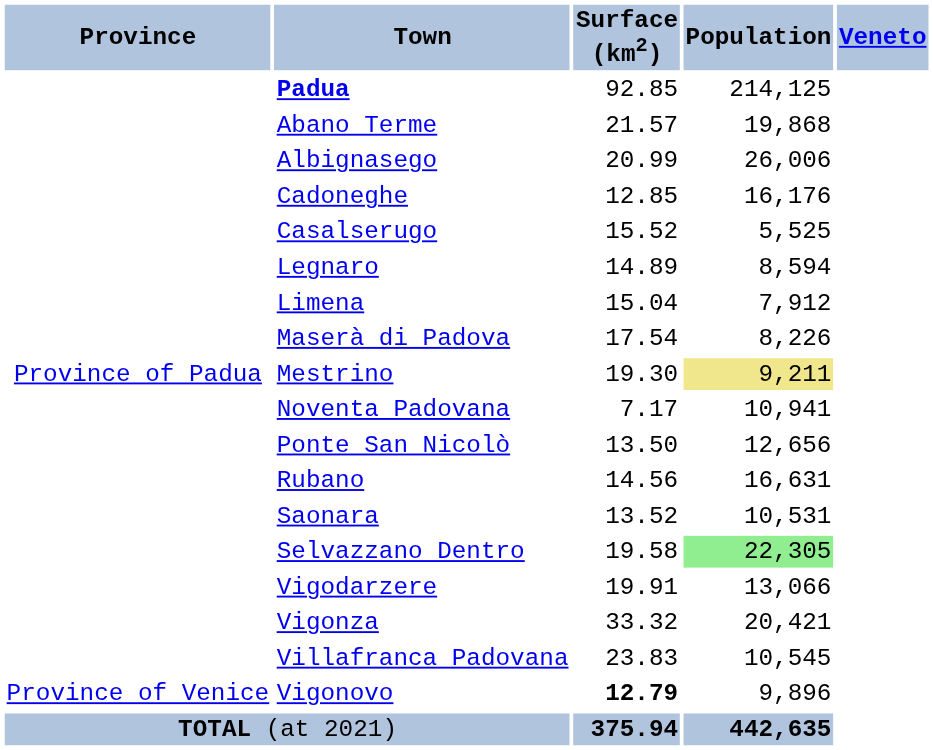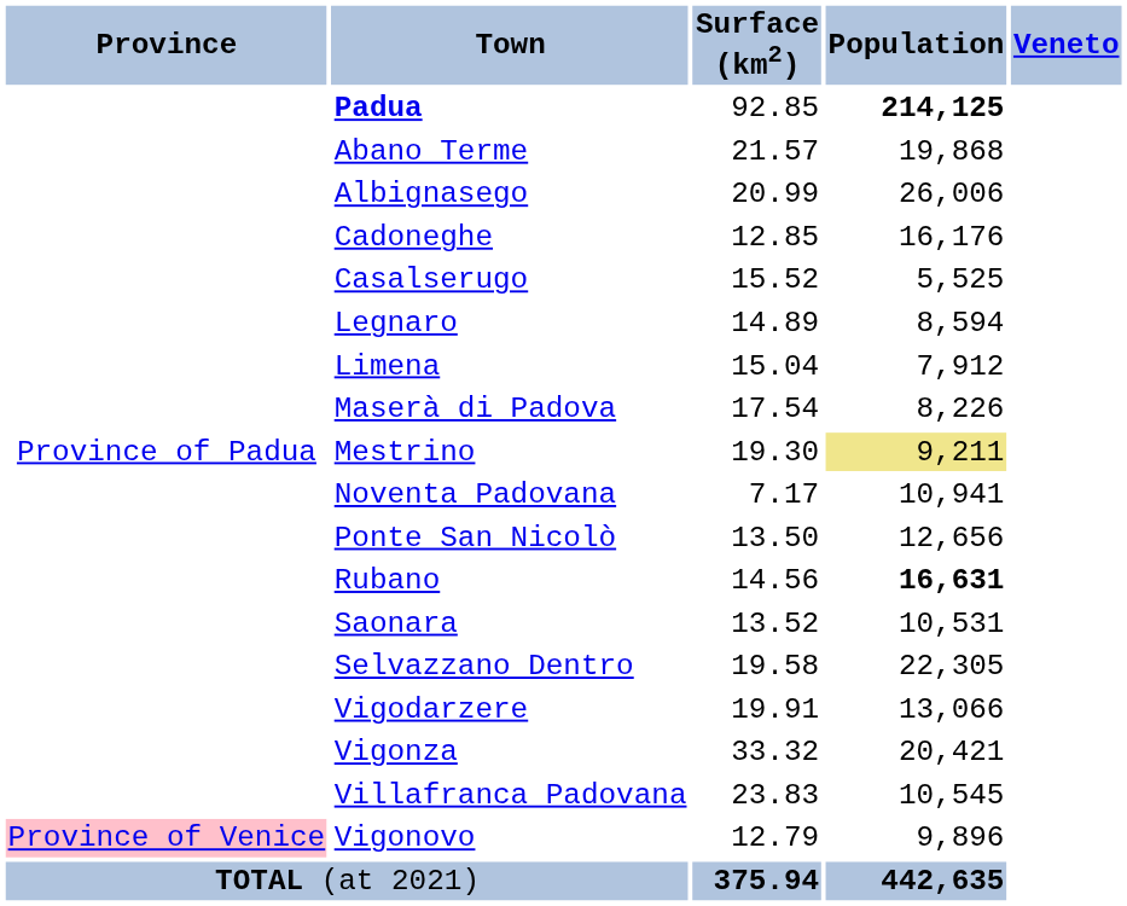 <table>
 <tr bgcolor="lightsteelblue">
 <th align=center>Province</th>
 <th align=center>Town</th>
 <th align=center>Surface<br>(km<sup>2</sup>)</th>
 <th align=center>Population</th>
 <td colspan=4 align=center><strong><a href='#'>Veneto</a></strong></td>
 </tr>
 <tr>
 <td rowspan=17 align=center><a href='#'>Province of Padua</a></td>
 <td><strong><a href='#'>Padua</a></strong></td>
 <td align=right>92.85</td>
-<td align=right>214,125</td>
+<td align=right><strong>214,125</strong></td>
 </tr>
 <tr>
 <td><a href='#'>Abano Terme</a></td>
 <td align=right>21.57</td>
 <td align=right>19,868</td>
 </tr>
 <tr>
 <td><a href='#'>Albignasego</a></td>
 <td align=right>20.99</td>
 <td align=right>26,006</td>
 </tr>
 <tr>
 <td><a href='#'>Cadoneghe</a></td>
 <td align=right>12.85</td>
 <td align=right>16,176</td>
 </tr>
 <tr>
 <td><a href='#'>Casalserugo</a></td>
 <td align=right>15.52</td>
 <td align=right>5,525</td>
 </tr>
 <tr>
 <td><a href='#'>Legnaro</a></td>
 <td align=right>14.89</td>
 <td align=right>8,594</td>
 </tr>
 <tr>
 <td><a href='#'>Limena</a></td>
 <td align=right>15.04</td>
 <td align=right>7,912</td>
 </tr>
 <tr>
 <td><a href='#'>Maserà di Padova</a></td>
 <td align=right>17.54</td>
 <td align=right>8,226</td>
 </tr>
 <tr>
 <td><a href='#'>Mestrino</a></td>
 <td align=right>19.30</td>
 <td align=right style="background: khaki;">9,211</td>
 </tr>
 <tr>
 <td><a href='#'>Noventa Padovana</a></td>
 <td align=right>7.17</td>
 <td align=right>10,941</td>
 </tr>
 <tr>
 <td><a href='#'>Ponte San Nicolò</a></td>
 <td align=right>13.50</td>
 <td align=right>12,656</td>
 </tr>
 <tr>
 <td><a href='#'>Rubano</a></td>
 <td align=right>14.56</td>
-<td align=right>16,631</td>
+<td align=right><strong>16,631</strong></td>
 </tr>
 <tr>
 <td><a href='#'>Saonara</a></td>
 <td align=right>13.52</td>
 <td align=right>10,531</td>
 </tr>
 <tr>
 <td><a href='#'>Selvazzano Dentro</a></td>
 <td align=right>19.58</td>
-<td align=right style="background: lightgreen;">22,305</td>
+<td align=right>22,305</td>
 </tr>
 <tr>
 <td><a href='#'>Vigodarzere</a></td>
 <td align=right>19.91</td>
 <td align=right>13,066</td>
 </tr>
 <tr>
 <td><a href='#'>Vigonza</a></td>
 <td align=right>33.32</td>
 <td align=right>20,421</td>
 </tr>
 <tr>
 <td><a href='#'>Villafranca Padovana</a></td>
 <td align=right>23.83</td>
 <td align=right>10,545</td>
 </tr>
 <tr>
-<td rowspan=1 align=center><a href='#'>Province of Venice</a></td>
+<td rowspan=1 align=center style="background: pink;"><a href='#'>Province of Venice</a></td>
 <td><a href='#'>Vigonovo</a></td>
-<td align=right><strong>12.79</strong></td>
+<td align=right>12.79</td>
 <td align=right>9,896</td>
 </tr>
 <tr bgcolor="lightsteelblue">
 <td colspan=2 align=center><strong>TOTAL</strong> (at 2021)</td>
 <td align=right><strong>375.94</strong></td>
 <td align=right><strong>442,635</strong></td>
 </tr>
 </table>
